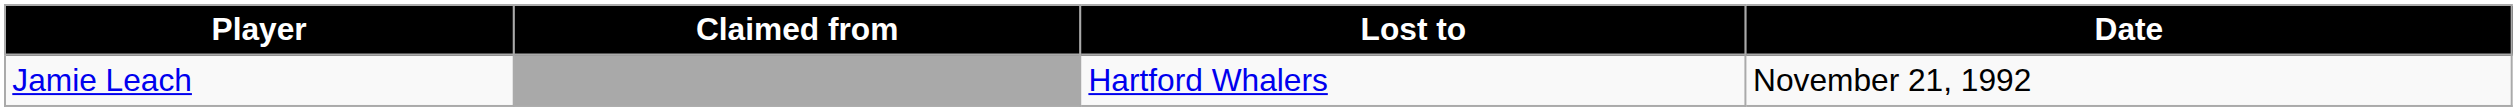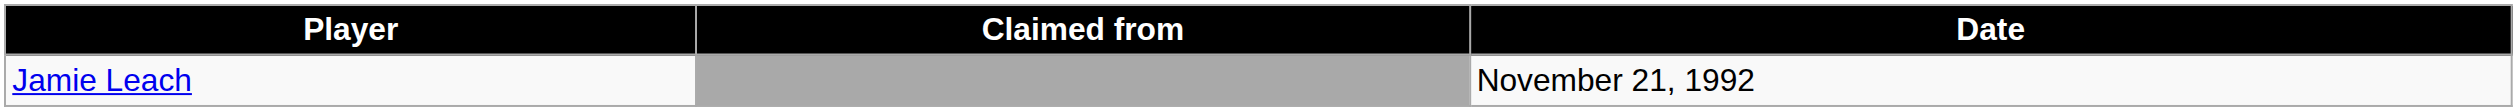 <table class="wikitable" style="width:80%;">
 <tr style="text-align:center; background:#ddd;">
 <th style="color:white; background:#000000; ">Player</th>
 <th style="color:white; background:#000000; ">Claimed from</th>
-<th style="color:white; background:#000000; ">Lost to</th>
 <th style="color:white; background:#000000; ">Date</th>
 </tr>
 <tr>
 <td><a href='#'>Jamie Leach</a></td>
 <td style="background:darkgray;"></td>
-<td><a href='#'>Hartford Whalers</a></td>
 <td>November 21, 1992</td>
 </tr>
 </table>
